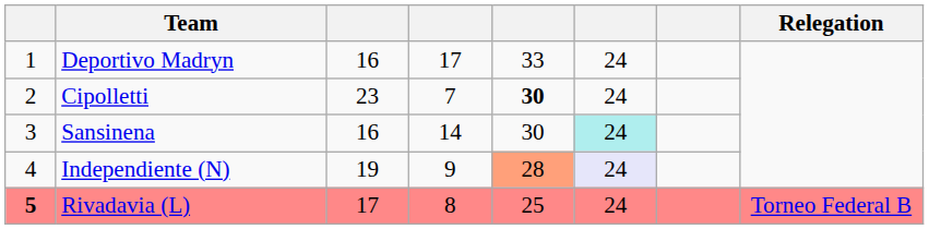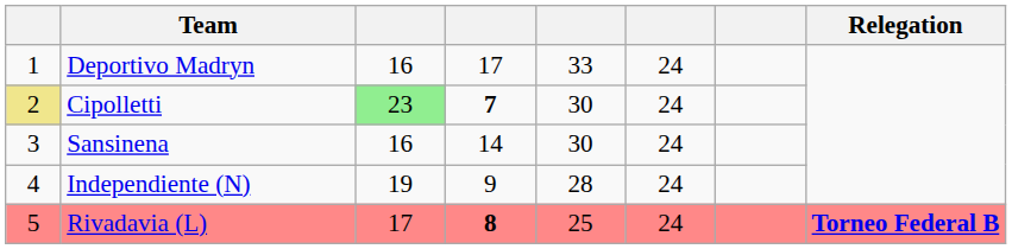 <table class="wikitable" style="text-align: center;">
 <tr>
 <th width=28><br></th>
 <th width=180>Team</th>
 <th width=50></th>
 <th width=50></th>
 <th width=50></th>
 <th width=50></th>
 <th width=50><br></th>
 <th width=120>Relegation</th>
 </tr>
 <tr>
 <td>1</td>
 <td align="left"><a href='#'>Deportivo Madryn</a></td>
 <td>16</td>
 <td>17</td>
 <td>33</td>
 <td>24</td>
 <td><strong></strong></td>
 <td rowspan=4></td>
 </tr>
 <tr>
-<td>2</td>
+<td style="background: khaki;">2</td>
 <td align="left"><a href='#'>Cipolletti</a></td>
-<td>23</td>
-<td>7</td>
-<td><strong>30</strong></td>
+<td style="background: lightgreen;">23</td>
+<td><strong>7</strong></td>
+<td>30</td>
 <td>24</td>
 <td><strong></strong></td>
 </tr>
 <tr>
 <td>3</td>
 <td align="left"><a href='#'>Sansinena</a></td>
 <td>16</td>
 <td>14</td>
 <td>30</td>
-<td style="background: paleturquoise;">24</td>
+<td>24</td>
 <td><strong></strong></td>
 </tr>
 <tr>
 <td>4</td>
 <td align="left"><a href='#'>Independiente (N)</a></td>
 <td>19</td>
 <td>9</td>
-<td style="background: lightsalmon;">28</td>
-<td style="background: lavender;">24</td>
+<td>28</td>
+<td>24</td>
 <td><strong></strong></td>
 </tr>
 <tr bgcolor=#FF8888>
-<td><strong>5</strong></td>
+<td>5</td>
 <td align="left"><a href='#'>Rivadavia (L)</a></td>
 <td>17</td>
-<td>8</td>
+<td><strong>8</strong></td>
 <td>25</td>
 <td>24</td>
 <td><strong></strong></td>
-<td><a href='#'>Torneo Federal B</a></td>
+<td><strong><a href='#'>Torneo Federal B</a></strong></td>
 </tr>
 </table>
